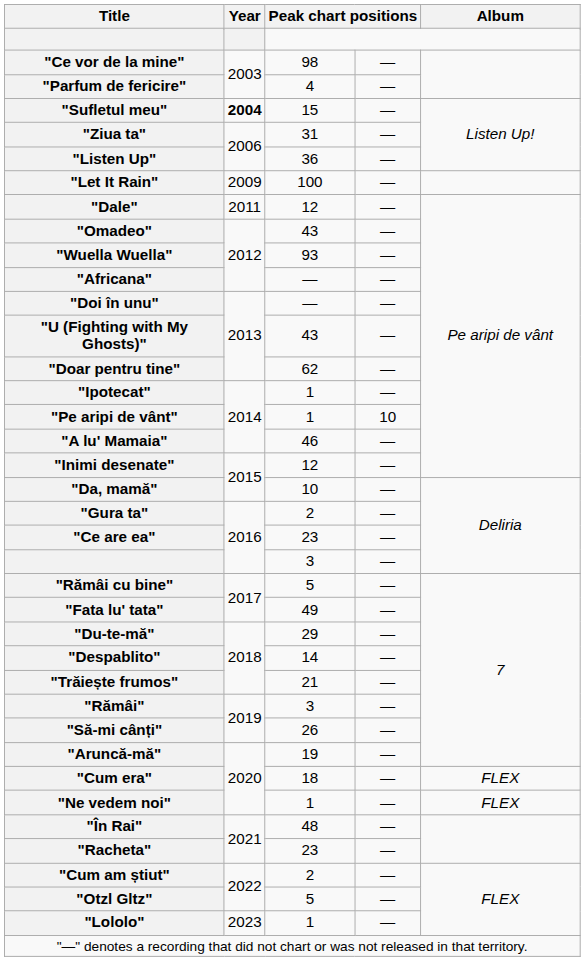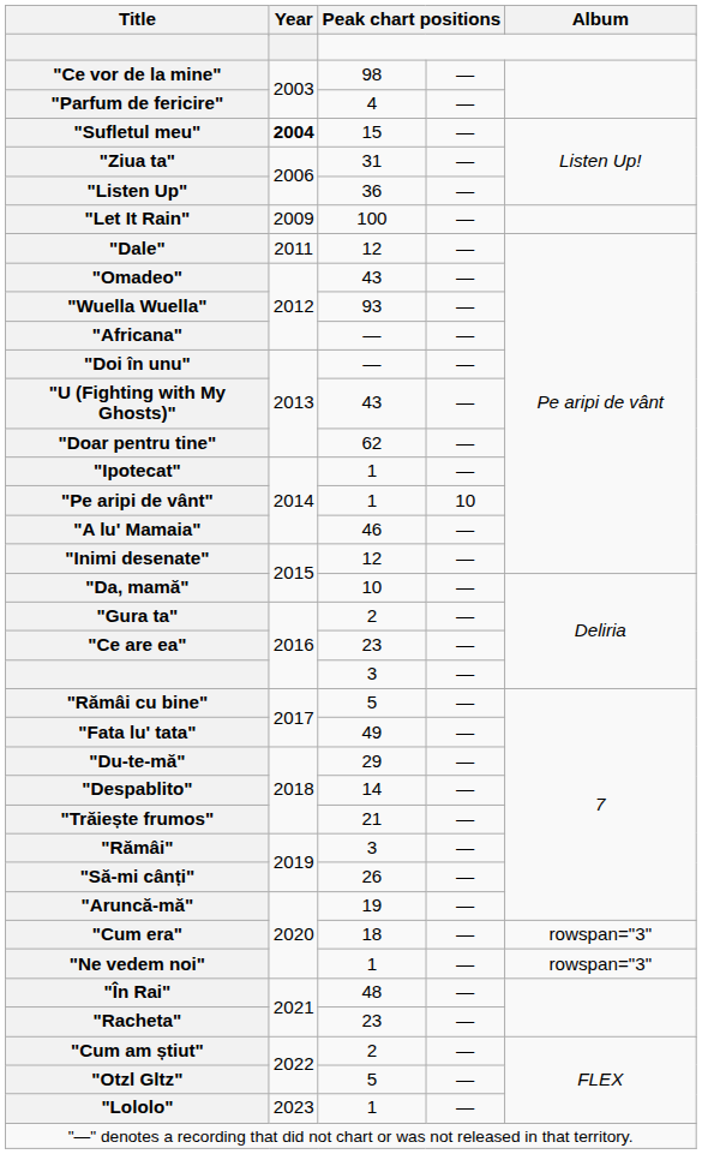 <table class="wikitable plainrowheaders" style="text-align:center;">
 <tr>
 <th scope="col" rowspan="2" style="width:14em;">Title</th>
 <th scope="col" rowspan="2" style="width:1em;">Year</th>
 <th colspan="2" scope="col">Peak chart positions</th>
 <th scope="col" rowspan="2" style="width:10em;">Album</th>
 </tr>
 <tr>
 </tr>
 <tr>
 <th scope="col" style="width:2.5em;font-size:90%;"><a href='#'></a><br></th>
 <th scope="col" style="width:2.5em;font-size:90%;"><a href='#'></a><br></th>
 </tr>
 <tr>
 <th scope="row">"Ce vor de la mine"</th>
 <td rowspan="2">2003</td>
 <td>98</td>
 <td>—</td>
 <td rowspan="2"></td>
 </tr>
 <tr>
 <th scope="row">"Parfum de fericire"</th>
 <td>4</td>
 <td>—</td>
 </tr>
 <tr>
 <th scope="row">"Sufletul meu"<br></th>
 <td rowspan="1"><strong>2004</strong></td>
 <td>15</td>
 <td>—</td>
 <td rowspan="3"><em>Listen Up!</em></td>
 </tr>
 <tr>
 <th scope="row">"Ziua ta"</th>
 <td rowspan="2">2006</td>
 <td>31</td>
 <td>—</td>
 </tr>
 <tr>
 <th scope="row">"Listen Up"<br></th>
 <td>36</td>
 <td>—</td>
 </tr>
 <tr>
 <th scope="row">"Let It Rain"</th>
 <td>2009</td>
 <td>100</td>
 <td>—</td>
 <td></td>
 </tr>
 <tr>
 <th scope="row">"Dale"</th>
 <td rowspan="1">2011</td>
 <td>12</td>
 <td>—</td>
 <td rowspan="11"><em>Pe aripi de vânt</em></td>
 </tr>
 <tr>
 <th scope="row">"Omadeo"</th>
 <td rowspan="3">2012</td>
 <td>43</td>
 <td>—</td>
 </tr>
 <tr>
 <th scope="row">"Wuella Wuella"</th>
 <td>93</td>
 <td>—</td>
 </tr>
 <tr>
 <th scope="row">"Africana"</th>
 <td>—</td>
 <td>—</td>
 </tr>
 <tr>
 <th scope="row">"Doi în unu"<br></th>
 <td rowspan="3">2013</td>
 <td>—</td>
 <td>—</td>
 </tr>
 <tr>
 <th scope="row">"U (Fighting with My Ghosts)"</th>
 <td>43</td>
 <td>—</td>
 </tr>
 <tr>
 <th scope="row">"Doar pentru tine"</th>
 <td>62</td>
 <td>—</td>
 </tr>
 <tr>
 <th scope="row">"Ipotecat"<br></th>
 <td rowspan="3">2014</td>
 <td>1</td>
 <td>—</td>
 </tr>
 <tr>
 <th scope="row">"Pe aripi de vânt"<br></th>
 <td>1</td>
 <td>10</td>
 </tr>
 <tr>
 <th scope="row">"A lu' Mamaia"<br></th>
 <td>46</td>
 <td>—</td>
 </tr>
 <tr>
 <th scope="row">"Inimi desenate"</th>
 <td rowspan="2">2015</td>
 <td>12</td>
 <td>—</td>
 </tr>
 <tr>
 <th scope="row">"Da, mamă"</th>
 <td>10</td>
 <td>—</td>
 <td rowspan="4"><em>Deliria</em></td>
 </tr>
 <tr>
 <th scope="row">"Gura ta"<br></th>
 <td rowspan="3">2016</td>
 <td>2</td>
 <td>—</td>
 </tr>
 <tr>
 <th scope="row">"Ce are ea"</th>
 <td>23</td>
 <td>—</td>
 </tr>
 <tr>
 <th scope="row"></th>
 <td>3</td>
 <td>—</td>
 </tr>
 <tr>
 <th scope="row">"Rămâi cu bine"<br></th>
 <td rowspan="2">2017</td>
 <td>5</td>
 <td>—</td>
 <td rowspan="8"><em>7</em></td>
 </tr>
 <tr>
 <th scope="row">"Fata lu' tata"</th>
 <td>49</td>
 <td>—</td>
 </tr>
 <tr>
 <th scope="row">"Du-te-mă"</th>
 <td rowspan="3">2018</td>
 <td>29</td>
 <td>—</td>
 </tr>
 <tr>
 <th scope="row">"Despablito"<br></th>
 <td>14</td>
 <td>—</td>
 </tr>
 <tr>
 <th scope="row">"Trăiește frumos"</th>
 <td>21</td>
 <td>—</td>
 </tr>
 <tr>
 <th scope="row">"Rămâi"<br></th>
 <td rowspan="2">2019</td>
 <td>3</td>
 <td>—</td>
 </tr>
 <tr>
 <th scope="row">"Să-mi cânți"</th>
 <td>26</td>
 <td>—</td>
 </tr>
 <tr>
 <th scope="row">"Aruncă-mă"</th>
 <td rowspan="3">2020</td>
 <td>19</td>
 <td>—</td>
 </tr>
 <tr>
 <th scope="row">"Cum era"<br></th>
 <td>18</td>
 <td>—</td>
-<td><em>FLEX</em></td>
+<td>rowspan="3" </td>
 </tr>
 <tr>
 <th scope="row">"Ne vedem noi"<br></th>
 <td>1</td>
 <td>—</td>
-<td><em>FLEX</em></td>
+<td>rowspan="3" </td>
 </tr>
 <tr>
 <th scope="row">"În Rai"<br></th>
 <td rowspan="2">2021</td>
 <td>48</td>
 <td>—</td>
 </tr>
 <tr>
 <th scope="row">"Racheta"</th>
 <td>23</td>
 <td>—</td>
 </tr>
 <tr>
 <th scope="row">"Cum am știut"<br></th>
 <td rowspan="2">2022</td>
 <td>2</td>
 <td>—</td>
 <td rowspan="3"><em>FLEX</em></td>
 </tr>
 <tr>
 <th scope="row">"Otzl Gltz"</th>
 <td>5</td>
 <td>—</td>
 </tr>
 <tr>
 <th scope="row">"Lololo"</th>
 <td rowspan="1">2023</td>
 <td>1</td>
 <td>—</td>
 </tr>
 <tr>
 <td colspan="18" style="font-size:90%">"—" denotes a recording that did not chart or was not released in that territory.</td>
 </tr>
 </table>
